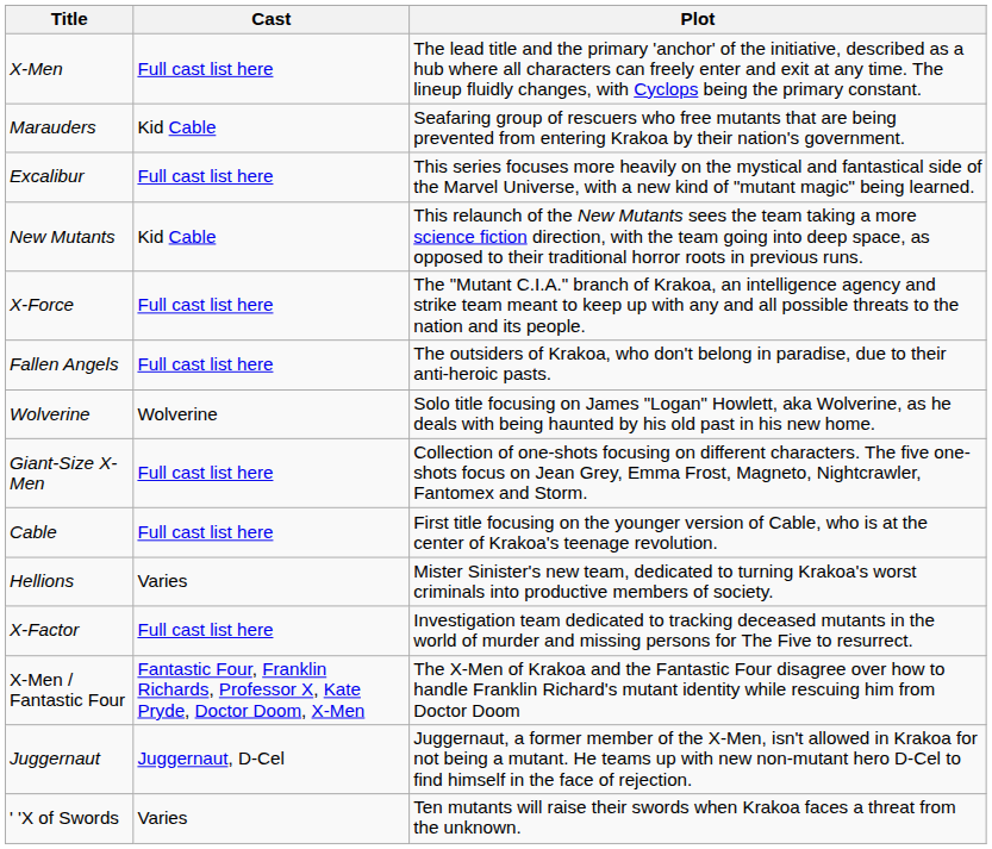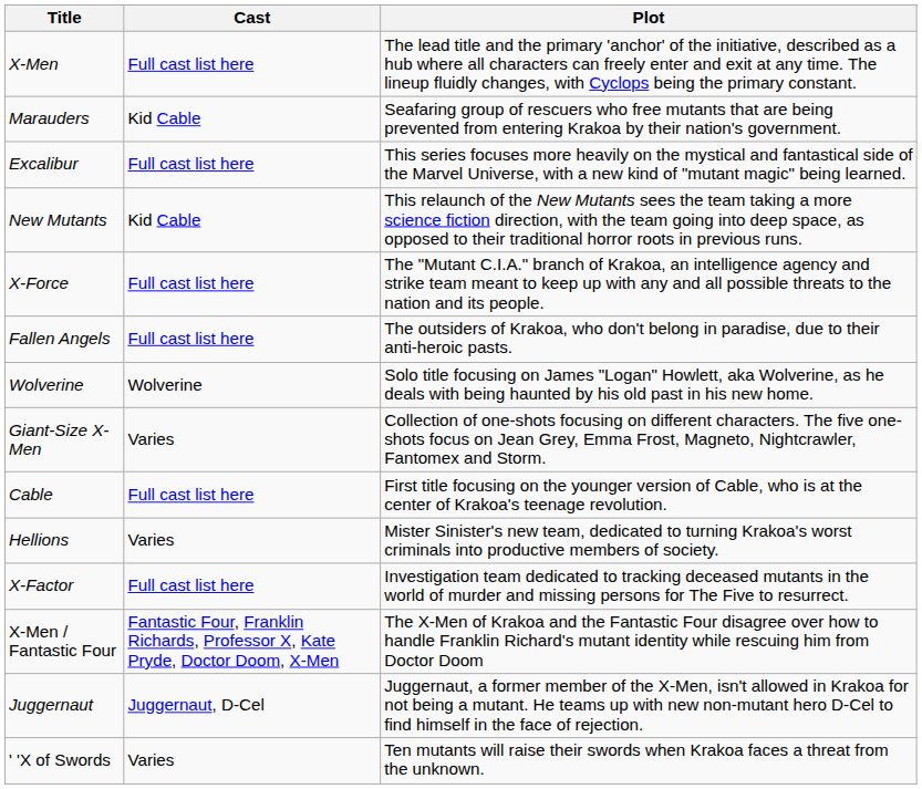 <table class="wikitable" width:100%">
 <tr>
 </tr>
 <tr>
 <th scope="col" style="text-align:center;">Title</th>
 <th scope="col">Cast</th>
 <th scope="col">Plot</th>
 </tr>
 <tr>
 <td><em>X-Men</em></td>
 <td><a href='#'>Full cast list here</a></td>
 <td>The lead title and the primary 'anchor' of the initiative, described as a hub where all characters can freely enter and exit at any time. The lineup fluidly changes, with <a href='#'>Cyclops</a> being the primary constant.</td>
 </tr>
 <tr>
 <td><em>Marauders</em></td>
 <td>Kid <a href='#'>Cable</a></td>
 <td>Seafaring group of rescuers who free mutants that are being prevented from entering Krakoa by their nation's government.</td>
 </tr>
 <tr>
 <td><em>Excalibur</em></td>
 <td><a href='#'>Full cast list here</a></td>
 <td>This series focuses more heavily on the mystical and fantastical side of the Marvel Universe, with a new kind of "mutant magic" being learned.</td>
 </tr>
 <tr>
 <td><em>New Mutants</em></td>
 <td>Kid <a href='#'>Cable</a></td>
 <td>This relaunch of the <em>New Mutants</em> sees the team taking a more <a href='#'>science fiction</a> direction, with the team going into deep space, as opposed to their traditional horror roots in previous runs.</td>
 </tr>
 <tr>
 <td><em>X-Force</em></td>
 <td><a href='#'>Full cast list here</a></td>
 <td>The "Mutant C.I.A." branch of Krakoa, an intelligence agency and strike team meant to keep up with any and all possible threats to the nation and its people.</td>
 </tr>
 <tr>
 <td><em>Fallen Angels</em></td>
 <td><a href='#'>Full cast list here</a></td>
 <td>The outsiders of Krakoa, who don't belong in paradise, due to their anti-heroic pasts.</td>
 </tr>
 <tr>
 <td><em>Wolverine</em></td>
 <td>Wolverine</td>
 <td>Solo title focusing on James "Logan" Howlett, aka Wolverine, as he deals with being haunted by his old past in his new home.</td>
 </tr>
 <tr>
 <td><em>Giant-Size X-Men</em></td>
-<td><a href='#'>Full cast list here</a></td>
+<td>Varies</td>
 <td>Collection of one-shots focusing on different characters. The five one-shots focus on Jean Grey, Emma Frost, Magneto, Nightcrawler, Fantomex and Storm.</td>
 </tr>
 <tr>
 <td><em>Cable</em></td>
 <td><a href='#'>Full cast list here</a></td>
 <td>First title focusing on the younger version of Cable, who is at the center of Krakoa's teenage revolution.</td>
 </tr>
 <tr>
 <td><em>Hellions</em></td>
 <td>Varies</td>
 <td>Mister Sinister's new team, dedicated to turning Krakoa's worst criminals into productive members of society.</td>
 </tr>
 <tr>
 <td><em>X-Factor</em></td>
 <td><a href='#'>Full cast list here</a></td>
 <td>Investigation team dedicated to tracking deceased mutants in the world of murder and missing persons for The Five to resurrect.</td>
 </tr>
 <tr>
 <td>X-Men / Fantastic Four</td>
 <td><a href='#'>Fantastic Four</a>, <a href='#'>Franklin Richards</a>, <a href='#'>Professor X</a>, <a href='#'>Kate Pryde</a>, <a href='#'>Doctor Doom</a>, <a href='#'>X-Men</a></td>
 <td>The X-Men of Krakoa and the Fantastic Four disagree over how to handle Franklin Richard's mutant identity while rescuing him from Doctor Doom</td>
 </tr>
 <tr>
 <td><em>Juggernaut</em></td>
 <td><a href='#'>Juggernaut</a>, D-Cel</td>
 <td>Juggernaut, a former member of the X-Men, isn't allowed in Krakoa for not being a mutant. He teams up with new non-mutant hero D-Cel to find himself in the face of rejection.</td>
 </tr>
 <tr>
 <td>' 'X of Swords<em></td>
 <td>Varies</td>
 <td>Ten mutants will raise their swords when Krakoa faces a threat from the unknown.</td>
 </tr>
 </table>
